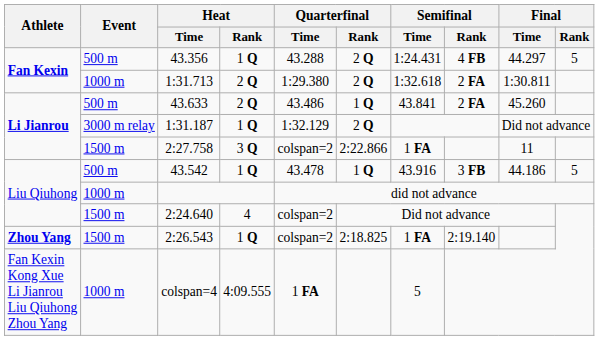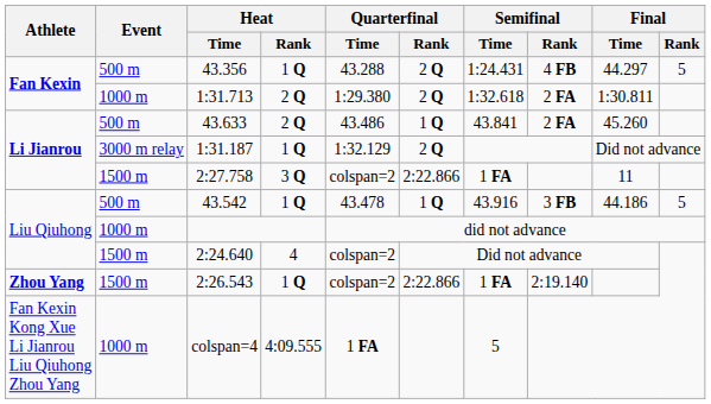 <table class="wikitable" style="font-size:90%">
 <tr>
 <th rowspan=2>Athlete</th>
 <th rowspan=2>Event</th>
 <th colspan=2>Heat</th>
 <th colspan=2>Quarterfinal</th>
 <th colspan=2>Semifinal</th>
 <th colspan=2>Final</th>
 </tr>
 <tr style="font-size:95%">
 <th>Time</th>
 <th>Rank</th>
 <th>Time</th>
 <th>Rank</th>
 <th>Time</th>
 <th>Rank</th>
 <th>Time</th>
 <th>Rank</th>
 </tr>
 <tr align=center>
 <td align=left rowspan=2><strong><a href='#'>Fan Kexin</a></strong></td>
 <td align=left><a href='#'>500 m</a></td>
 <td>43.356</td>
 <td>1 <strong>Q</strong></td>
 <td>43.288</td>
 <td>2 <strong>Q</strong></td>
 <td>1:24.431</td>
 <td>4 <strong>FB</strong></td>
 <td>44.297</td>
 <td>5</td>
 </tr>
 <tr align=center>
 <td align=left><a href='#'>1000 m</a></td>
 <td>1:31.713</td>
 <td>2 <strong>Q</strong></td>
 <td>1:29.380</td>
 <td>2 <strong>Q</strong></td>
 <td>1:32.618</td>
 <td>2 <strong>FA</strong></td>
 <td>1:30.811</td>
 <td></td>
 </tr>
 <tr align=center>
 <td align=left rowspan=3><strong><a href='#'>Li Jianrou</a></strong></td>
 <td align=left><a href='#'>500 m</a></td>
 <td>43.633</td>
 <td>2 <strong>Q</strong></td>
 <td>43.486</td>
 <td>1 <strong>Q</strong></td>
 <td>43.841</td>
 <td>2 <strong>FA</strong></td>
 <td>45.260</td>
 <td></td>
 </tr>
 <tr align=center>
 <td align=left><a href='#'>3000 m relay</a></td>
 <td>1:31.187</td>
 <td>1 <strong>Q</strong></td>
 <td>1:32.129</td>
 <td>2 <strong>Q</strong></td>
 <td colspan=2></td>
 <td colspan=2>Did not advance</td>
 </tr>
 <tr align=center>
 <td align=left><a href='#'>1500 m</a></td>
 <td>2:27.758</td>
 <td>3 <strong>Q</strong></td>
 <td>colspan=2 </td>
 <td>2:22.866</td>
 <td>1 <strong>FA</strong></td>
 <td></td>
 <td>11</td>
 </tr>
 <tr align=center>
 <td align=left rowspan=3><a href='#'>Liu Qiuhong</a></td>
 <td align=left><a href='#'>500 m</a></td>
 <td>43.542</td>
 <td>1 <strong>Q</strong></td>
 <td>43.478</td>
 <td>1 <strong>Q</strong></td>
 <td>43.916</td>
 <td>3 <strong>FB</strong></td>
 <td>44.186</td>
 <td>5</td>
 </tr>
 <tr align=center>
 <td align=left><a href='#'>1000 m</a></td>
 <td colspan=2></td>
 <td colspan=6>did not advance</td>
 </tr>
 <tr align=center>
 <td align=left><a href='#'>1500 m</a></td>
 <td>2:24.640</td>
 <td>4</td>
 <td>colspan=2 </td>
 <td colspan=4>Did not advance</td>
 </tr>
 <tr align=center>
 <td align=left><strong><a href='#'>Zhou Yang</a></strong></td>
 <td align=left><a href='#'>1500 m</a></td>
 <td>2:26.543</td>
 <td>1 <strong>Q</strong></td>
 <td>colspan=2 </td>
-<td>2:18.825</td>
+<td>2:22.866</td>
 <td>1 <strong>FA</strong></td>
 <td>2:19.140</td>
 <td></td>
 </tr>
 <tr align=center>
 <td align=left><a href='#'>Fan Kexin</a><br><a href='#'>Kong Xue</a><br><a href='#'>Li Jianrou</a><br><a href='#'>Liu Qiuhong</a><br><a href='#'>Zhou Yang</a></td>
 <td align=left><a href='#'>1000 m</a></td>
 <td>colspan=4 </td>
 <td>4:09.555</td>
 <td>1 <strong>FA</strong></td>
 <td></td>
 <td>5</td>
 </tr>
 </table>
